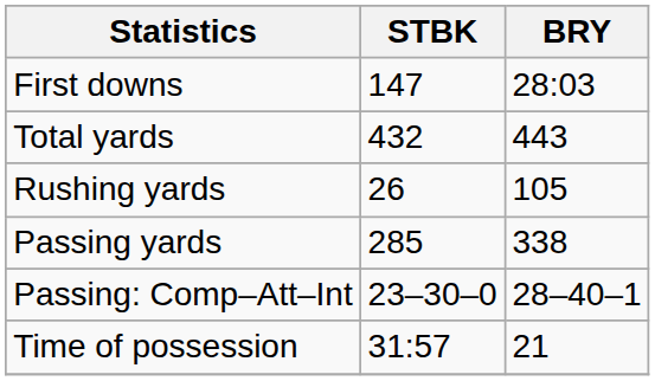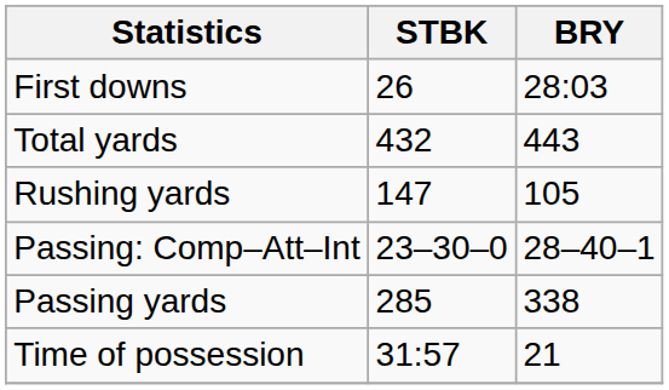 <table class="wikitable" style="float: left;">
 <tr>
 <th>Statistics</th>
 <th>STBK</th>
 <th>BRY</th>
 </tr>
 <tr>
 <td>First downs</td>
-<td>147</td>
+<td>26</td>
 <td>28:03</td>
 </tr>
 <tr>
 <td>Total yards</td>
 <td>432</td>
 <td>443</td>
 </tr>
 <tr>
 <td>Rushing yards</td>
-<td>26</td>
+<td>147</td>
 <td>105</td>
+</tr>
+<tr>
+<td>Passing: Comp–Att–Int</td>
+<td>23–30–0</td>
+<td>28–40–1</td>
 </tr>
 <tr>
 <td>Passing yards</td>
 <td>285</td>
 <td>338</td>
-</tr>
-<tr>
-<td>Passing: Comp–Att–Int</td>
-<td>23–30–0</td>
-<td>28–40–1</td>
 </tr>
 <tr>
 <td>Time of possession</td>
 <td>31:57</td>
 <td>21</td>
 </tr>
 <tr>
 </tr>
 </table>
